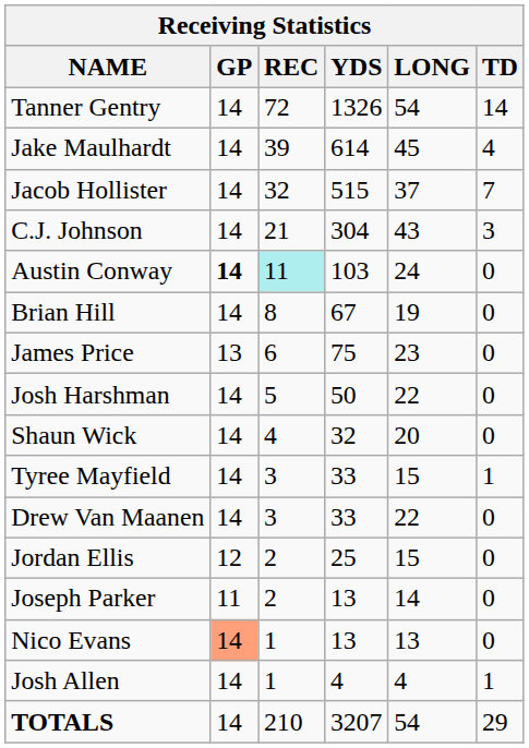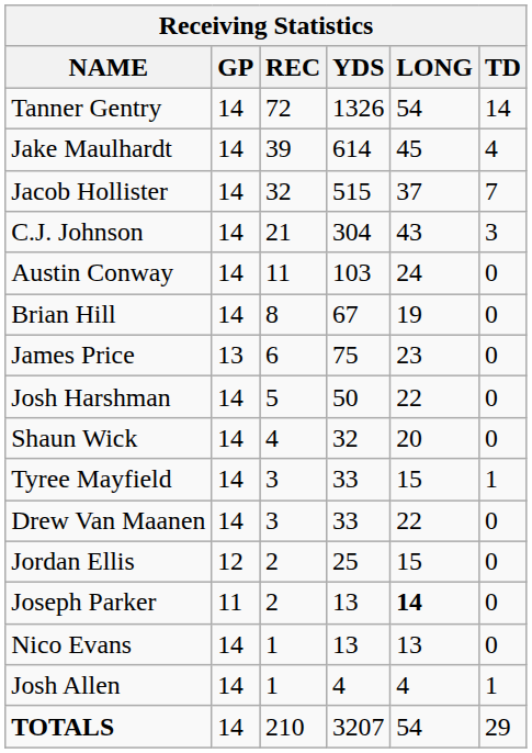 <table class="wikitable sortable collapsible collapsed">
 <tr>
 <th colspan="7">Receiving Statistics</th>
 </tr>
 <tr>
 <th>NAME</th>
 <th>GP</th>
 <th>REC</th>
 <th>YDS</th>
 <th>LONG</th>
 <th>TD</th>
 </tr>
 <tr>
 <td>Tanner Gentry</td>
 <td>14</td>
 <td>72</td>
 <td>1326</td>
 <td>54</td>
 <td>14</td>
 </tr>
 <tr>
 <td>Jake Maulhardt</td>
 <td>14</td>
 <td>39</td>
 <td>614</td>
 <td>45</td>
 <td>4</td>
 </tr>
 <tr>
 <td>Jacob Hollister</td>
 <td>14</td>
 <td>32</td>
 <td>515</td>
 <td>37</td>
 <td>7</td>
 </tr>
 <tr>
 <td>C.J. Johnson</td>
 <td>14</td>
 <td>21</td>
 <td>304</td>
 <td>43</td>
 <td>3</td>
 </tr>
 <tr>
 <td>Austin Conway</td>
-<td><strong>14</strong></td>
-<td style="background: paleturquoise;">11</td>
+<td>14</td>
+<td>11</td>
 <td>103</td>
 <td>24</td>
 <td>0</td>
 </tr>
 <tr>
 <td>Brian Hill</td>
 <td>14</td>
 <td>8</td>
 <td>67</td>
 <td>19</td>
 <td>0</td>
 </tr>
 <tr>
 <td>James Price</td>
 <td>13</td>
 <td>6</td>
 <td>75</td>
 <td>23</td>
 <td>0</td>
 </tr>
 <tr>
 <td>Josh Harshman</td>
 <td>14</td>
 <td>5</td>
 <td>50</td>
 <td>22</td>
 <td>0</td>
 </tr>
 <tr>
 <td>Shaun Wick</td>
 <td>14</td>
 <td>4</td>
 <td>32</td>
 <td>20</td>
 <td>0</td>
 </tr>
 <tr>
 <td>Tyree Mayfield</td>
 <td>14</td>
 <td>3</td>
 <td>33</td>
 <td>15</td>
 <td>1</td>
 </tr>
 <tr>
 <td>Drew Van Maanen</td>
 <td>14</td>
 <td>3</td>
 <td>33</td>
 <td>22</td>
 <td>0</td>
 </tr>
 <tr>
 <td>Jordan Ellis</td>
 <td>12</td>
 <td>2</td>
 <td>25</td>
 <td>15</td>
 <td>0</td>
 </tr>
 <tr>
 <td>Joseph Parker</td>
 <td>11</td>
 <td>2</td>
 <td>13</td>
-<td>14</td>
+<td><strong>14</strong></td>
 <td>0</td>
 </tr>
 <tr>
 <td>Nico Evans</td>
-<td style="background: lightsalmon;">14</td>
+<td>14</td>
 <td>1</td>
 <td>13</td>
 <td>13</td>
 <td>0</td>
 </tr>
 <tr>
 <td>Josh Allen</td>
 <td>14</td>
 <td>1</td>
 <td>4</td>
 <td>4</td>
 <td>1</td>
 </tr>
 <tr>
 <td><strong>TOTALS</strong></td>
 <td>14</td>
 <td>210</td>
 <td>3207</td>
 <td>54</td>
 <td>29</td>
 </tr>
 </table>
